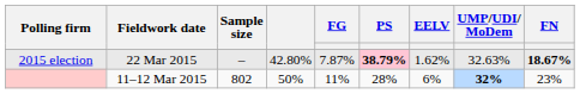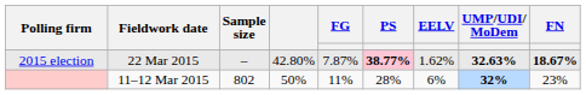 <table class="wikitable sortable" style="text-align:center;font-size:90%;line-height:14px;">
 <tr style="height:40px;">
 <th style="width:100px;" rowspan="2">Polling firm</th>
 <th style="width:110px;" rowspan="2">Fieldwork date</th>
 <th style="width:35px;" rowspan="2">Sample<br>size</th>
 <th style="width:30px;" rowspan="2"></th>
 <th class="unsortable" style="width:40px;"><a href='#'>FG</a></th>
 <th class="unsortable" style="width:40px;"><a href='#'>PS</a></th>
 <th class="unsortable" style="width:40px;"><a href='#'>EELV</a></th>
 <th class="unsortable" style="width:40px;"><a href='#'>UMP</a>/<a href='#'>UDI</a>/<br><a href='#'>MoDem</a></th>
 <th class="unsortable" style="width:40px;"><a href='#'>FN</a></th>
 </tr>
 <tr>
 <th style="background:"></th>
 <th style="background:"></th>
 <th style="background:"></th>
 <th style="background:"></th>
 <th style="background:"></th>
 </tr>
 <tr style="background:#E9E9E9;">
 <td><a href='#'>2015 election</a></td>
 <td data-sort-value="2015-03-22">22 Mar 2015</td>
 <td>–</td>
 <td>42.80%</td>
 <td>7.87%</td>
-<td style="background:#FFC6D5;"><strong>38.79%</strong></td>
+<td style="background:#FFC6D5;"><strong>38.77%</strong></td>
 <td>1.62%</td>
-<td>32.63%</td>
+<td><strong>32.63%</strong></td>
 <td><strong>18.67%</strong></td>
 </tr>
 <tr>
 <td style="background:#FFCCCC;"></td>
 <td data-sort-value="2015-03-12">11–12 Mar 2015</td>
 <td>802</td>
 <td>50%</td>
 <td>11%</td>
 <td>28%</td>
 <td>6%</td>
 <td style="background:#B9DAFF;"><strong>32%</strong></td>
 <td>23%</td>
 </tr>
 </table>
